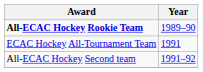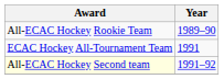 <table class="wikitable">
 <tr>
 <th>Award</th>
 <th>Year</th>
 </tr>
 <tr>
-<td><strong>All-<a href='#'>ECAC Hockey</a> <a href='#'>Rookie Team</a></strong></td>
+<td>All-<a href='#'>ECAC Hockey</a> <a href='#'>Rookie Team</a></td>
 <td><a href='#'>1989–90</a></td>
 </tr>
 <tr>
 <td><a href='#'>ECAC Hockey</a> <a href='#'>All-Tournament Team</a></td>
 <td><a href='#'>1991</a></td>
 </tr>
 <tr>
-<td>All-<a href='#'>ECAC Hockey</a> <a href='#'>Second team</a></td>
+<td style="background: lightyellow;">All-<a href='#'>ECAC Hockey</a> <a href='#'>Second team</a></td>
 <td><a href='#'>1991–92</a></td>
 </tr>
 <tr>
 </tr>
 </table>
